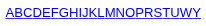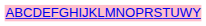 <table id="toc" class="toc" summary="Class">
 <tr>
 <th></th>
 </tr>
 <tr>
-<td style="text-align:center;"><a href='#'>A</a><a href='#'>B</a><a href='#'>C</a><a href='#'>D</a><a href='#'>E</a><a href='#'>F</a><a href='#'>G</a><a href='#'>H</a><a href='#'>I</a><a href='#'>J</a><a href='#'>K</a><a href='#'>L</a><a href='#'>M</a><a href='#'>N</a><a href='#'>O</a><a href='#'>P</a><a href='#'>R</a><a href='#'>S</a><a href='#'>T</a><a href='#'>U</a><a href='#'>W</a><a href='#'>Y</a></td>
+<td style="background: pink; text-align:center;"><a href='#'>A</a><a href='#'>B</a><a href='#'>C</a><a href='#'>D</a><a href='#'>E</a><a href='#'>F</a><a href='#'>G</a><a href='#'>H</a><a href='#'>I</a><a href='#'>J</a><a href='#'>K</a><a href='#'>L</a><a href='#'>M</a><a href='#'>N</a><a href='#'>O</a><a href='#'>P</a><a href='#'>R</a><a href='#'>S</a><a href='#'>T</a><a href='#'>U</a><a href='#'>W</a><a href='#'>Y</a></td>
 </tr>
 </table>
